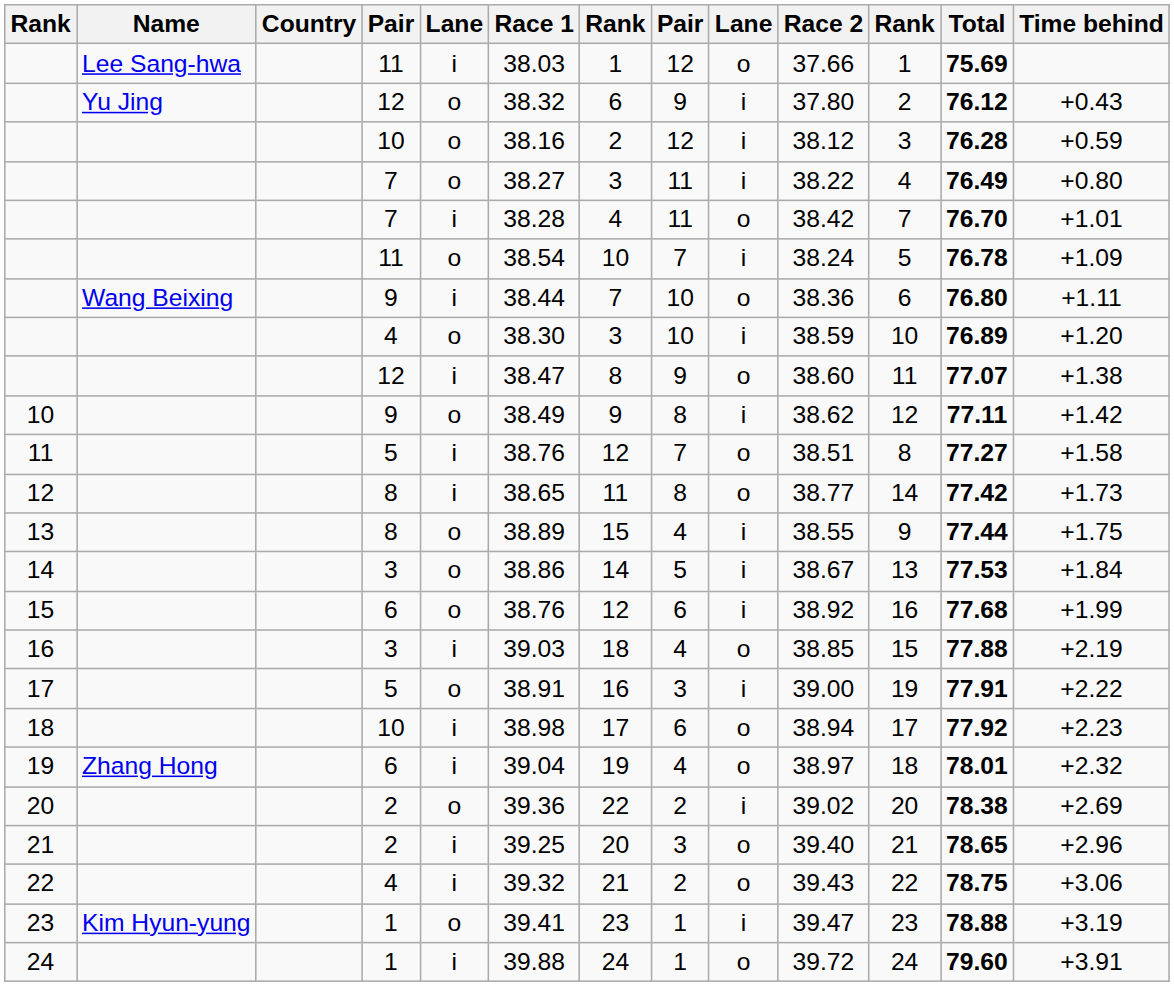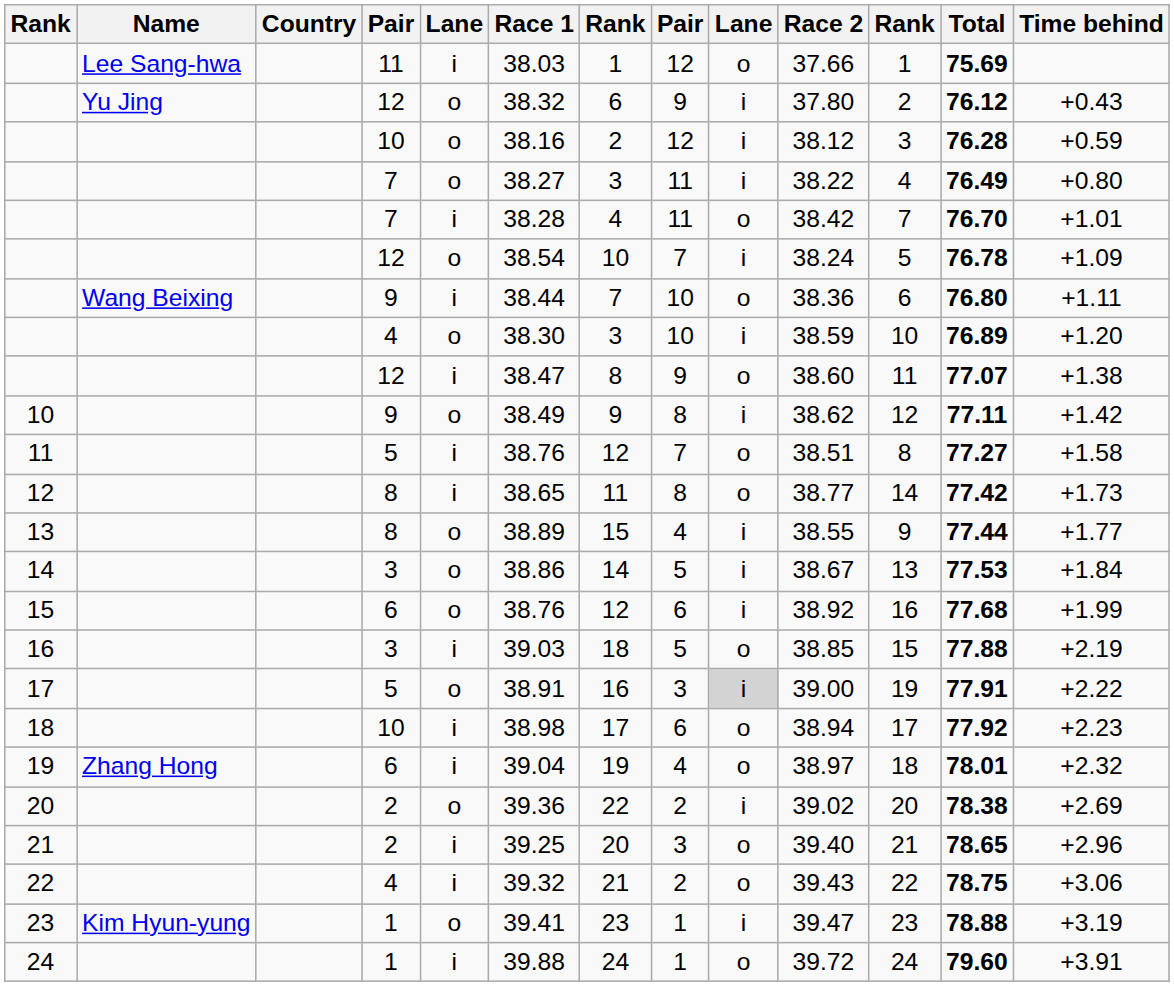 <table class="wikitable sortable" style="text-align:center">
 <tr>
 <th>Rank</th>
 <th>Name</th>
 <th>Country</th>
 <th>Pair</th>
 <th>Lane</th>
 <th>Race 1</th>
 <th>Rank</th>
 <th>Pair</th>
 <th>Lane</th>
 <th>Race 2</th>
 <th>Rank</th>
 <th>Total</th>
 <th>Time behind</th>
 </tr>
 <tr>
 <td></td>
 <td align="left"><a href='#'>Lee Sang-hwa</a></td>
 <td align="left"></td>
 <td>11</td>
 <td>i</td>
 <td>38.03</td>
 <td>1</td>
 <td>12</td>
 <td>o</td>
 <td>37.66</td>
 <td>1</td>
 <td><strong>75.69</strong></td>
 <td></td>
 </tr>
 <tr>
 <td></td>
 <td align="left"><a href='#'>Yu Jing</a></td>
 <td align="left"></td>
 <td>12</td>
 <td>o</td>
 <td>38.32</td>
 <td>6</td>
 <td>9</td>
 <td>i</td>
 <td>37.80</td>
 <td>2</td>
 <td><strong>76.12</strong></td>
 <td>+0.43</td>
 </tr>
 <tr>
 <td></td>
 <td align="left"></td>
 <td align="left"></td>
 <td>10</td>
 <td>o</td>
 <td>38.16</td>
 <td>2</td>
 <td>12</td>
 <td>i</td>
 <td>38.12</td>
 <td>3</td>
 <td><strong>76.28</strong></td>
 <td>+0.59</td>
 </tr>
 <tr>
 <td></td>
 <td align="left"></td>
 <td align="left"></td>
 <td>7</td>
 <td>o</td>
 <td>38.27</td>
 <td>3</td>
 <td>11</td>
 <td>i</td>
 <td>38.22</td>
 <td>4</td>
 <td><strong>76.49</strong></td>
 <td>+0.80</td>
 </tr>
 <tr>
 <td></td>
 <td align="left"></td>
 <td align="left"></td>
 <td>7</td>
 <td>i</td>
 <td>38.28</td>
 <td>4</td>
 <td>11</td>
 <td>o</td>
 <td>38.42</td>
 <td>7</td>
 <td><strong>76.70</strong></td>
 <td>+1.01</td>
 </tr>
 <tr>
 <td></td>
 <td align="left"></td>
 <td align="left"></td>
-<td>11</td>
+<td>12</td>
 <td>o</td>
 <td>38.54</td>
 <td>10</td>
 <td>7</td>
 <td>i</td>
 <td>38.24</td>
 <td>5</td>
 <td><strong>76.78</strong></td>
 <td>+1.09</td>
 </tr>
 <tr>
 <td></td>
 <td align="left"><a href='#'>Wang Beixing</a></td>
 <td align="left"></td>
 <td>9</td>
 <td>i</td>
 <td>38.44</td>
 <td>7</td>
 <td>10</td>
 <td>o</td>
 <td>38.36</td>
 <td>6</td>
 <td><strong>76.80</strong></td>
 <td>+1.11</td>
 </tr>
 <tr>
 <td></td>
 <td align="left"></td>
 <td align="left"></td>
 <td>4</td>
 <td>o</td>
 <td>38.30</td>
 <td>3</td>
 <td>10</td>
 <td>i</td>
 <td>38.59</td>
 <td>10</td>
 <td><strong>76.89</strong></td>
 <td>+1.20</td>
 </tr>
 <tr>
 <td></td>
 <td align="left"></td>
 <td align="left"></td>
 <td>12</td>
 <td>i</td>
 <td>38.47</td>
 <td>8</td>
 <td>9</td>
 <td>o</td>
 <td>38.60</td>
 <td>11</td>
 <td><strong>77.07</strong></td>
 <td>+1.38</td>
 </tr>
 <tr>
 <td>10</td>
 <td align="left"></td>
 <td align="left"></td>
 <td>9</td>
 <td>o</td>
 <td>38.49</td>
 <td>9</td>
 <td>8</td>
 <td>i</td>
 <td>38.62</td>
 <td>12</td>
 <td><strong>77.11</strong></td>
 <td>+1.42</td>
 </tr>
 <tr>
 <td>11</td>
 <td align="left"></td>
 <td align="left"></td>
 <td>5</td>
 <td>i</td>
 <td>38.76</td>
 <td>12</td>
 <td>7</td>
 <td>o</td>
 <td>38.51</td>
 <td>8</td>
 <td><strong>77.27</strong></td>
 <td>+1.58</td>
 </tr>
 <tr>
 <td>12</td>
 <td align="left"></td>
 <td align="left"></td>
 <td>8</td>
 <td>i</td>
 <td>38.65</td>
 <td>11</td>
 <td>8</td>
 <td>o</td>
 <td>38.77</td>
 <td>14</td>
 <td><strong>77.42</strong></td>
 <td>+1.73</td>
 </tr>
 <tr>
 <td>13</td>
 <td align="left"></td>
 <td align="left"></td>
 <td>8</td>
 <td>o</td>
 <td>38.89</td>
 <td>15</td>
 <td>4</td>
 <td>i</td>
 <td>38.55</td>
 <td>9</td>
 <td><strong>77.44</strong></td>
-<td>+1.75</td>
+<td>+1.77</td>
 </tr>
 <tr>
 <td>14</td>
 <td align="left"></td>
 <td align="left"></td>
 <td>3</td>
 <td>o</td>
 <td>38.86</td>
 <td>14</td>
 <td>5</td>
 <td>i</td>
 <td>38.67</td>
 <td>13</td>
 <td><strong>77.53</strong></td>
 <td>+1.84</td>
 </tr>
 <tr>
 <td>15</td>
 <td align="left"></td>
 <td align="left"></td>
 <td>6</td>
 <td>o</td>
 <td>38.76</td>
 <td>12</td>
 <td>6</td>
 <td>i</td>
 <td>38.92</td>
 <td>16</td>
 <td><strong>77.68</strong></td>
 <td>+1.99</td>
 </tr>
 <tr>
 <td>16</td>
 <td align="left"></td>
 <td align="left"></td>
 <td>3</td>
 <td>i</td>
 <td>39.03</td>
 <td>18</td>
-<td>4</td>
+<td>5</td>
 <td>o</td>
 <td>38.85</td>
 <td>15</td>
 <td><strong>77.88</strong></td>
 <td>+2.19</td>
 </tr>
 <tr>
 <td>17</td>
 <td align="left"></td>
 <td align="left"></td>
 <td>5</td>
 <td>o</td>
 <td>38.91</td>
 <td>16</td>
 <td>3</td>
-<td>i</td>
+<td style="background: lightgrey;">i</td>
 <td>39.00</td>
 <td>19</td>
 <td><strong>77.91</strong></td>
 <td>+2.22</td>
 </tr>
 <tr>
 <td>18</td>
 <td align="left"></td>
 <td align="left"></td>
 <td>10</td>
 <td>i</td>
 <td>38.98</td>
 <td>17</td>
 <td>6</td>
 <td>o</td>
 <td>38.94</td>
 <td>17</td>
 <td><strong>77.92</strong></td>
 <td>+2.23</td>
 </tr>
 <tr>
 <td>19</td>
 <td align="left"><a href='#'>Zhang Hong</a></td>
 <td align="left"></td>
 <td>6</td>
 <td>i</td>
 <td>39.04</td>
 <td>19</td>
 <td>4</td>
 <td>o</td>
 <td>38.97</td>
 <td>18</td>
 <td><strong>78.01</strong></td>
 <td>+2.32</td>
 </tr>
 <tr>
 <td>20</td>
 <td align="left"></td>
 <td align="left"></td>
 <td>2</td>
 <td>o</td>
 <td>39.36</td>
 <td>22</td>
 <td>2</td>
 <td>i</td>
 <td>39.02</td>
 <td>20</td>
 <td><strong>78.38</strong></td>
 <td>+2.69</td>
 </tr>
 <tr>
 <td>21</td>
 <td align="left"></td>
 <td align="left"></td>
 <td>2</td>
 <td>i</td>
 <td>39.25</td>
 <td>20</td>
 <td>3</td>
 <td>o</td>
 <td>39.40</td>
 <td>21</td>
 <td><strong>78.65</strong></td>
 <td>+2.96</td>
 </tr>
 <tr>
 <td>22</td>
 <td align="left"></td>
 <td align="left"></td>
 <td>4</td>
 <td>i</td>
 <td>39.32</td>
 <td>21</td>
 <td>2</td>
 <td>o</td>
 <td>39.43</td>
 <td>22</td>
 <td><strong>78.75</strong></td>
 <td>+3.06</td>
 </tr>
 <tr>
 <td>23</td>
 <td align="left"><a href='#'>Kim Hyun-yung</a></td>
 <td align="left"></td>
 <td>1</td>
 <td>o</td>
 <td>39.41</td>
 <td>23</td>
 <td>1</td>
 <td>i</td>
 <td>39.47</td>
 <td>23</td>
 <td><strong>78.88</strong></td>
 <td>+3.19</td>
 </tr>
 <tr>
 <td>24</td>
 <td align="left"></td>
 <td align="left"></td>
 <td>1</td>
 <td>i</td>
 <td>39.88</td>
 <td>24</td>
 <td>1</td>
 <td>o</td>
 <td>39.72</td>
 <td>24</td>
 <td><strong>79.60</strong></td>
 <td>+3.91</td>
 </tr>
 </table>
